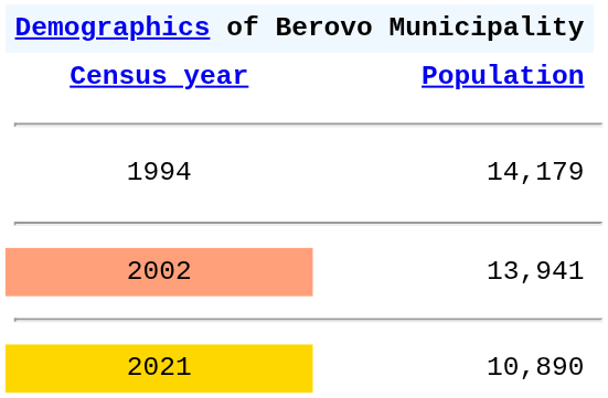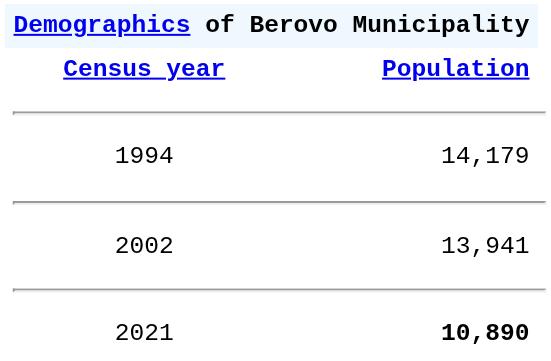 <table class="toccolours" align="center" cellpadding="4" cellspacing="0" style="margin:0 0 1em 1em; font-size: 95%;">
 <tr>
 <th colspan=2 bgcolor="#F0F8FF" align="center"><a href='#'>Demographics</a> of <strong>Berovo Municipality</strong></th>
 <th></th>
 </tr>
 <tr>
 <th align="center"><a href='#'>Census year</a></th>
 <th align="right"><a href='#'>Population</a></th>
 </tr>
 <tr>
 <td colspan=3><hr></td>
 </tr>
 <tr>
 <td align="center">1994</td>
 <td align="right">14,179</td>
 </tr>
 <tr>
 <td colspan=3><hr></td>
 </tr>
 <tr>
-<td align="center" style="background: lightsalmon;">2002</td>
+<td align="center">2002</td>
 <td align="right">13,941</td>
 </tr>
 <tr>
 <td colspan=3><hr></td>
 </tr>
 <tr>
-<td align="center" style="background: gold;">2021</td>
-<td align="right">10,890</td>
+<td align="center">2021</td>
+<td align="right"><strong>10,890</strong></td>
 </tr>
 <tr>
 </tr>
 </table>
